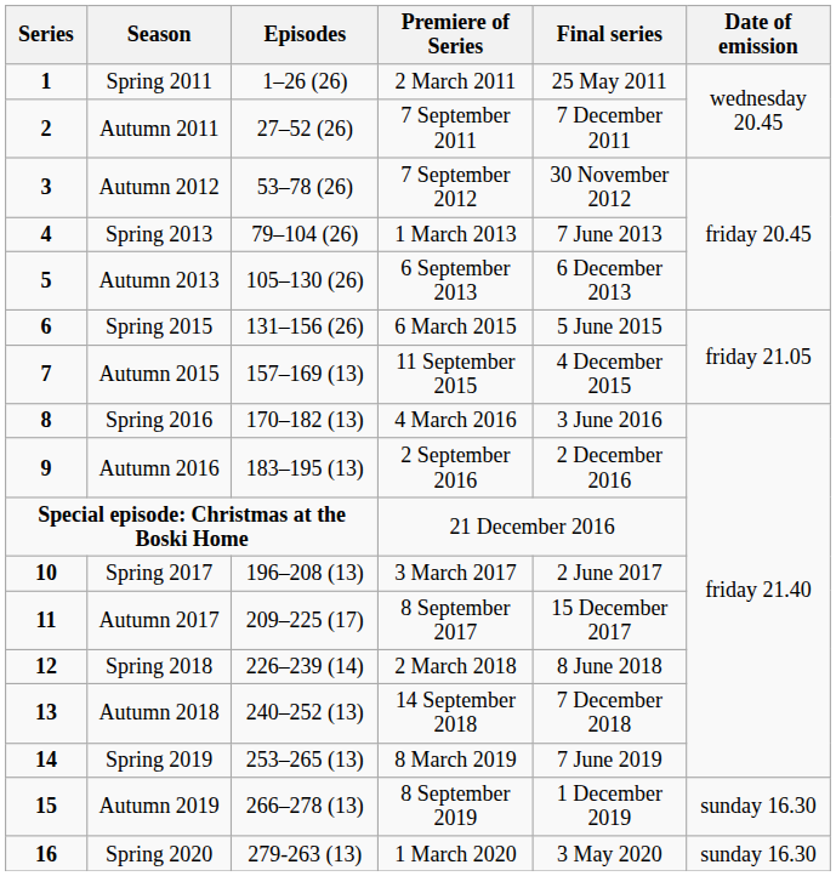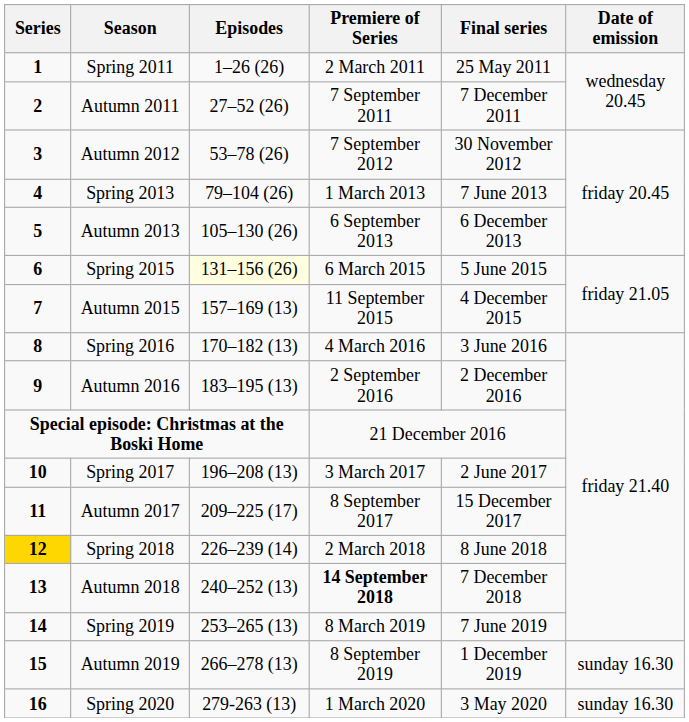 <table class="wikitable" style="text-align:center">
 <tr>
 <th>Series</th>
 <th>Season</th>
 <th>Episodes</th>
 <th>Premiere of Series</th>
 <th>Final series</th>
 <th>Date of emission</th>
 </tr>
 <tr>
 <td><strong>1</strong></td>
 <td>Spring 2011</td>
 <td>1–26 (26)</td>
 <td>2 March 2011</td>
 <td>25 May 2011</td>
 <td rowspan="2">wednesday 20.45</td>
 </tr>
 <tr>
 <td><strong>2</strong></td>
 <td>Autumn 2011</td>
 <td>27–52 (26)</td>
 <td>7 September 2011</td>
 <td>7 December 2011</td>
 </tr>
 <tr>
 <td><strong>3</strong></td>
 <td>Autumn 2012</td>
 <td>53–78 (26)</td>
 <td>7 September 2012</td>
 <td>30 November 2012</td>
 <td rowspan="3">friday 20.45</td>
 </tr>
 <tr>
 <td><strong>4</strong></td>
 <td>Spring 2013</td>
 <td>79–104 (26)</td>
 <td>1 March 2013</td>
 <td>7 June 2013</td>
 </tr>
 <tr>
 <td><strong>5</strong></td>
 <td>Autumn 2013</td>
 <td>105–130 (26)</td>
 <td>6 September 2013</td>
 <td>6 December 2013</td>
 </tr>
 <tr>
 <td><strong>6</strong></td>
 <td>Spring 2015</td>
-<td>131–156 (26)</td>
+<td style="background: lightyellow;">131–156 (26)</td>
 <td>6 March 2015</td>
 <td>5 June 2015</td>
 <td rowspan="2">friday 21.05</td>
 </tr>
 <tr>
 <td><strong>7</strong></td>
 <td>Autumn 2015</td>
 <td>157–169 (13)</td>
 <td>11 September 2015</td>
 <td>4 December 2015</td>
 </tr>
 <tr>
 <td><strong>8</strong></td>
 <td>Spring 2016</td>
 <td>170–182 (13)</td>
 <td>4 March 2016</td>
 <td>3 June 2016</td>
 <td rowspan="8">friday 21.40</td>
 </tr>
 <tr>
 <td><strong>9</strong></td>
 <td>Autumn 2016</td>
 <td>183–195 (13)</td>
 <td>2 September 2016</td>
 <td>2 December 2016</td>
 </tr>
 <tr>
 <td colspan="3"><strong>Special episode: Christmas at the Boski Home</strong></td>
 <td colspan="2">21 December 2016</td>
 </tr>
 <tr>
 <td><strong>10</strong></td>
 <td>Spring 2017</td>
 <td>196–208 (13)</td>
 <td>3 March 2017</td>
 <td>2 June 2017</td>
 </tr>
 <tr>
 <td><strong>11</strong></td>
 <td>Autumn 2017</td>
 <td>209–225 (17)</td>
 <td>8 September 2017</td>
 <td>15 December 2017</td>
 </tr>
 <tr>
-<td><strong>12</strong></td>
+<td style="background: gold;"><strong>12</strong></td>
 <td>Spring 2018</td>
 <td>226–239 (14)</td>
 <td>2 March 2018</td>
 <td>8 June 2018</td>
 </tr>
 <tr>
 <td><strong>13</strong></td>
 <td>Autumn 2018</td>
 <td>240–252 (13)</td>
-<td>14 September 2018</td>
+<td><strong>14 September 2018</strong></td>
 <td>7 December 2018</td>
 </tr>
 <tr>
 <td><strong>14</strong></td>
 <td>Spring 2019</td>
 <td>253–265 (13)</td>
 <td>8 March 2019</td>
 <td>7 June 2019</td>
 </tr>
 <tr>
 <td><strong>15</strong></td>
 <td>Autumn 2019</td>
 <td>266–278 (13)</td>
 <td>8 September 2019</td>
 <td>1 December 2019</td>
 <td>sunday 16.30</td>
 </tr>
 <tr>
 <td><strong>16</strong></td>
 <td>Spring 2020</td>
 <td>279-263 (13)</td>
 <td>1 March 2020</td>
 <td>3 May 2020</td>
 <td>sunday 16.30</td>
 </tr>
 </table>
